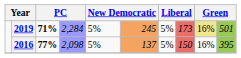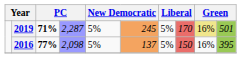 <table class="wikitable" style="float:right; width:400; font-size:90%; margin-left:1em;">
 <tr>
 <th colspan="2" scope="col">Year</th>
 <th colspan="2" scope="col"><a href='#'>PC</a></th>
 <th colspan="2" scope="col"><a href='#'>New Democratic</a></th>
 <th colspan="2" scope="col"><a href='#'>Liberal</a></th>
 <th colspan="2" scope="col"><a href='#'>Green</a></th>
 </tr>
 <tr>
 <td rowspan="2" style="width: 0.25em; background-color: "></td>
 <th><a href='#'>2019</a></th>
 <td><strong>71%</strong></td>
-<td style="text-align:right; background:#9999FF;"><em>2,284</em></td>
+<td style="text-align:right; background:#9999FF;"><em>2,287</em></td>
 <td>5%</td>
 <td style="text-align:right; background:#F4A460;"><em>245</em></td>
 <td>5%</td>
-<td style="text-align:right; background:#EA6D6A;"><em>173</em></td>
+<td style="text-align:right; background:#EA6D6A;"><em>170</em></td>
 <td style="background: khaki;">16%</td>
 <td style="text-align:right; background:#99C955;"><em>501</em></td>
 </tr>
 <tr>
 <th><a href='#'>2016</a></th>
 <td><strong>77%</strong></td>
 <td style="text-align:right; background:#9999FF;"><em>2,098</em></td>
 <td>5%</td>
 <td style="text-align:right; background:#F4A460;"><em>137</em></td>
 <td>5%</td>
 <td style="text-align:right; background:#EA6D6A;"><em>150</em></td>
 <td>16%</td>
 <td style="text-align:right; background:#99C955;"><em>395</em></td>
 </tr>
 <tr>
 </tr>
 </table>
